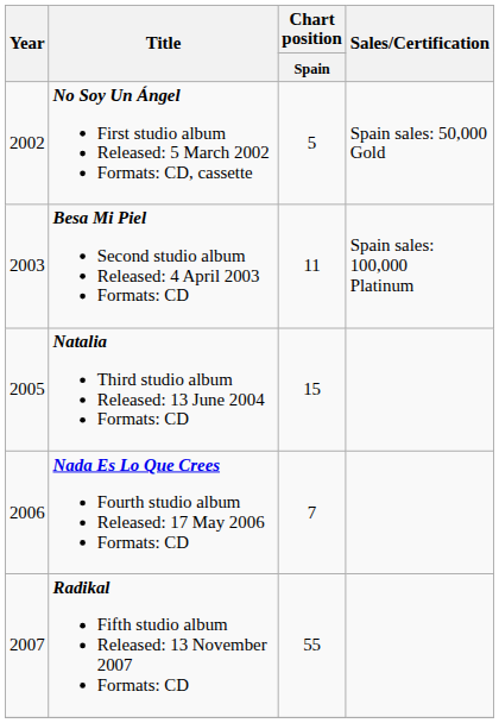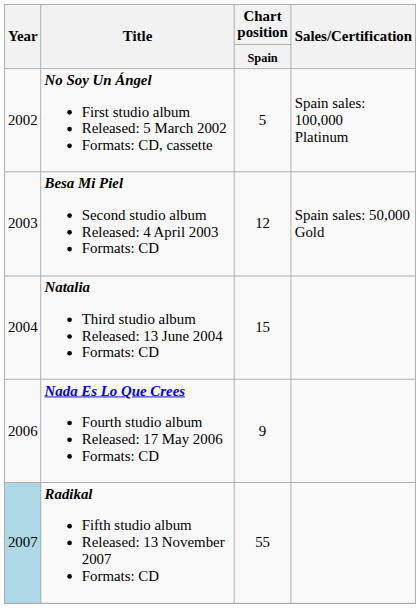 <table class="wikitable">
 <tr>
 <th width="20" rowspan="2">Year</th>
 <th width="200" rowspan="2">Title</th>
 <th colspan="1">Chart position</th>
 <th width="100" rowspan="2">Sales/Certification</th>
 </tr>
 <tr>
 <th width="30"><small>Spain</small></th>
 </tr>
 <tr>
 <td>2002</td>
 <td><strong><em>No Soy Un Ángel</em></strong><br><ul><li>First studio album</li><li>Released: 5 March 2002</li><li>Formats: CD, cassette</li></ul></td>
 <td align="center">5</td>
-<td>Spain sales: 50,000<br>Gold</td>
+<td>Spain sales: 100,000<br>Platinum</td>
 </tr>
 <tr>
 <td>2003</td>
 <td><strong><em>Besa Mi Piel</em></strong><br><ul><li>Second studio album</li><li>Released: 4 April 2003</li><li>Formats: CD</li></ul></td>
-<td align="center">11</td>
-<td>Spain sales: 100,000<br>Platinum</td>
+<td align="center">12</td>
+<td>Spain sales: 50,000<br>Gold</td>
 </tr>
 <tr>
-<td>2005</td>
+<td>2004</td>
 <td><strong><em>Natalia</em></strong><br><ul><li>Third studio album</li><li>Released: 13 June 2004</li><li>Formats: CD</li></ul></td>
 <td align="center">15</td>
 <td></td>
 </tr>
 <tr>
 <td>2006</td>
 <td><strong><em><a href='#'>Nada Es Lo Que Crees</a></em></strong><br><ul><li>Fourth studio album</li><li>Released: 17 May 2006</li><li>Formats: CD</li></ul></td>
-<td align="center">7</td>
+<td align="center">9</td>
 <td></td>
 </tr>
 <tr>
-<td>2007</td>
+<td style="background: lightblue;">2007</td>
 <td><strong><em>Radikal</em></strong><br><ul><li>Fifth studio album</li><li>Released: 13 November 2007</li><li>Formats: CD</li></ul></td>
 <td align="center">55</td>
 <td></td>
 </tr>
 <tr>
 </tr>
 </table>
